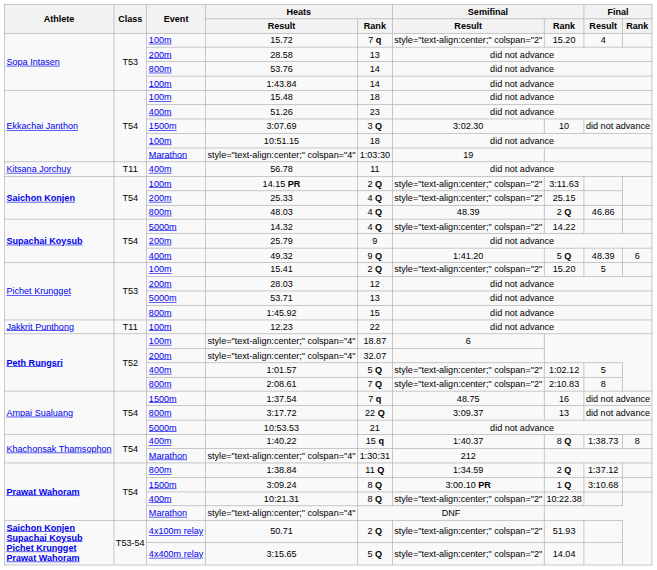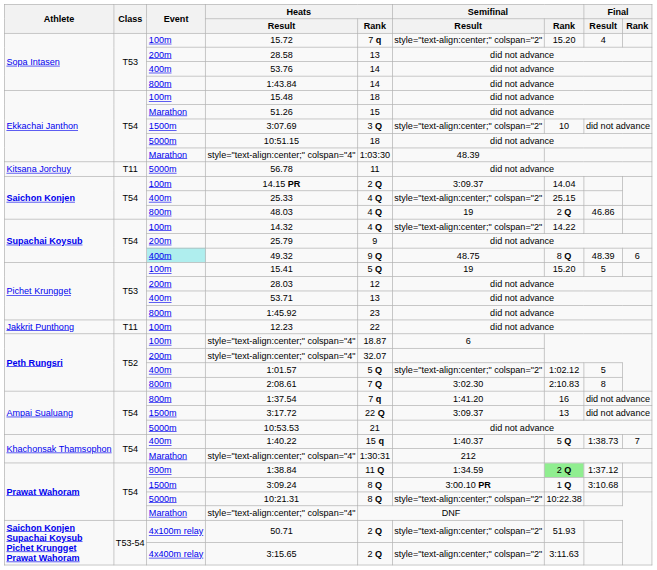 <table class=wikitable style="font-size:90%">
 <tr>
 <th rowspan="2">Athlete</th>
 <th rowspan="2">Class</th>
 <th rowspan="2">Event</th>
 <th colspan="2">Heats</th>
 <th colspan="2">Semifinal</th>
 <th colspan="3">Final</th>
 </tr>
 <tr>
 <th>Result</th>
 <th>Rank</th>
 <th>Result</th>
 <th>Rank</th>
 <th>Result</th>
 <th>Rank</th>
 </tr>
 <tr>
 <td rowspan="4"><a href='#'>Sopa Intasen</a></td>
 <td rowspan="4" style="text-align:center;">T53</td>
 <td><a href='#'>100m</a></td>
 <td style="text-align:center;">15.72</td>
 <td style="text-align:center;">7 <strong>q</strong></td>
 <td>style="text-align:center;" colspan="2" </td>
 <td style="text-align:center;">15.20</td>
 <td style="text-align:center;">4</td>
 </tr>
 <tr>
 <td><a href='#'>200m</a></td>
 <td style="text-align:center;">28.58</td>
 <td style="text-align:center;">13</td>
 <td style="text-align:center;" colspan="4">did not advance</td>
 </tr>
 <tr>
-<td><a href='#'>800m</a></td>
+<td><a href='#'>400m</a></td>
 <td style="text-align:center;">53.76</td>
 <td style="text-align:center;">14</td>
 <td style="text-align:center;" colspan="4">did not advance</td>
 </tr>
 <tr>
-<td><a href='#'>100m</a></td>
+<td><a href='#'>800m</a></td>
 <td style="text-align:center;">1:43.84</td>
 <td style="text-align:center;">14</td>
 <td style="text-align:center;" colspan="4">did not advance</td>
 </tr>
 <tr>
 <td rowspan="5"><a href='#'>Ekkachai Janthon</a></td>
 <td rowspan="5" style="text-align:center;">T54</td>
 <td><a href='#'>100m</a></td>
 <td style="text-align:center;">15.48</td>
 <td style="text-align:center;">18</td>
 <td style="text-align:center;" colspan="4">did not advance</td>
 </tr>
 <tr>
-<td><a href='#'>400m</a></td>
+<td><a href='#'>Marathon</a></td>
 <td style="text-align:center;">51.26</td>
-<td style="text-align:center;">23</td>
+<td style="text-align:center;">15</td>
 <td style="text-align:center;" colspan="4">did not advance</td>
 </tr>
 <tr>
 <td><a href='#'>1500m</a></td>
 <td style="text-align:center;">3:07.69</td>
 <td style="text-align:center;">3 <strong>Q</strong></td>
-<td style="text-align:center;">3:02.30</td>
+<td>style="text-align:center;" colspan="2" </td>
 <td style="text-align:center;">10</td>
 <td style="text-align:center;" colspan="2">did not advance</td>
 </tr>
 <tr>
-<td><a href='#'>100m</a></td>
+<td><a href='#'>5000m</a></td>
 <td style="text-align:center;">10:51.15</td>
 <td style="text-align:center;">18</td>
 <td style="text-align:center;" colspan="4">did not advance</td>
 </tr>
 <tr>
 <td><a href='#'>Marathon</a></td>
 <td>style="text-align:center;" colspan="4" </td>
 <td style="text-align:center;">1:03:30</td>
-<td style="text-align:center;">19</td>
+<td style="text-align:center;">48.39</td>
 </tr>
 <tr>
 <td><a href='#'>Kitsana Jorchuy</a></td>
 <td style="text-align:center;">T11</td>
-<td><a href='#'>400m</a></td>
+<td><a href='#'>5000m</a></td>
 <td style="text-align:center;">56.78</td>
 <td style="text-align:center;">11</td>
 <td style="text-align:center;" colspan="4">did not advance</td>
 </tr>
 <tr>
 <td rowspan="3"><strong><a href='#'>Saichon Konjen</a></strong></td>
 <td rowspan="3" style="text-align:center;">T54</td>
 <td><a href='#'>100m</a></td>
 <td style="text-align:center;">14.15 <strong>PR</strong></td>
 <td style="text-align:center;">2 <strong>Q</strong></td>
-<td>style="text-align:center;" colspan="2" </td>
-<td style="text-align:center;">3:11.63</td>
+<td style="text-align:center;">3:09.37</td>
+<td style="text-align:center;">14.04</td>
 <td style="text-align:center;"></td>
 </tr>
 <tr>
-<td><a href='#'>200m</a></td>
+<td><a href='#'>400m</a></td>
 <td style="text-align:center;">25.33</td>
 <td style="text-align:center;">4 <strong>Q</strong></td>
 <td>style="text-align:center;" colspan="2" </td>
 <td style="text-align:center;">25.15</td>
 <td style="text-align:center;"></td>
 </tr>
 <tr>
 <td><a href='#'>800m</a></td>
 <td style="text-align:center;">48.03</td>
 <td style="text-align:center;">4 <strong>Q</strong></td>
-<td style="text-align:center;">48.39</td>
+<td style="text-align:center;">19</td>
 <td style="text-align:center;">2 <strong>Q</strong></td>
 <td style="text-align:center;">46.86</td>
 <td style="text-align:center;"></td>
 </tr>
 <tr>
 <td rowspan="3"><strong><a href='#'>Supachai Koysub</a></strong></td>
 <td rowspan="3" style="text-align:center;">T54</td>
-<td><a href='#'>5000m</a></td>
+<td><a href='#'>100m</a></td>
 <td style="text-align:center;">14.32</td>
 <td style="text-align:center;">4 <strong>Q</strong></td>
 <td>style="text-align:center;" colspan="2" </td>
 <td style="text-align:center;">14.22</td>
 <td style="text-align:center;"></td>
 </tr>
 <tr>
 <td><a href='#'>200m</a></td>
 <td style="text-align:center;">25.79</td>
 <td style="text-align:center;">9</td>
 <td style="text-align:center;" colspan="4">did not advance</td>
 </tr>
 <tr>
-<td><a href='#'>400m</a></td>
+<td style="background: paleturquoise;"><a href='#'>400m</a></td>
 <td style="text-align:center;">49.32</td>
 <td style="text-align:center;">9 <strong>Q</strong></td>
-<td style="text-align:center;">1:41.20</td>
-<td style="text-align:center;">5 <strong>Q</strong></td>
+<td style="text-align:center;">48.75</td>
+<td style="text-align:center;">8 <strong>Q</strong></td>
 <td style="text-align:center;">48.39</td>
 <td style="text-align:center;">6</td>
 </tr>
 <tr>
 <td rowspan="4"><a href='#'>Pichet Krungget</a></td>
 <td rowspan="4" style="text-align:center;">T53</td>
 <td><a href='#'>100m</a></td>
 <td style="text-align:center;">15.41</td>
-<td style="text-align:center;">2 <strong>Q</strong></td>
-<td>style="text-align:center;" colspan="2" </td>
+<td style="text-align:center;">5 <strong>Q</strong></td>
+<td style="text-align:center;">19</td>
 <td style="text-align:center;">15.20</td>
 <td style="text-align:center;">5</td>
 </tr>
 <tr>
 <td><a href='#'>200m</a></td>
 <td style="text-align:center;">28.03</td>
 <td style="text-align:center;">12</td>
 <td style="text-align:center;" colspan="4">did not advance</td>
 </tr>
 <tr>
-<td><a href='#'>5000m</a></td>
+<td><a href='#'>400m</a></td>
 <td style="text-align:center;">53.71</td>
 <td style="text-align:center;">13</td>
 <td style="text-align:center;" colspan="4">did not advance</td>
 </tr>
 <tr>
 <td><a href='#'>800m</a></td>
 <td style="text-align:center;">1:45.92</td>
-<td style="text-align:center;">15</td>
+<td style="text-align:center;">23</td>
 <td style="text-align:center;" colspan="4">did not advance</td>
 </tr>
 <tr>
 <td><a href='#'>Jakkrit Punthong</a></td>
 <td style="text-align:center;">T11</td>
 <td><a href='#'>100m</a></td>
 <td style="text-align:center;">12.23</td>
 <td style="text-align:center;">22</td>
 <td style="text-align:center;" colspan="4">did not advance</td>
 </tr>
 <tr>
 <td rowspan="4"><strong><a href='#'>Peth Rungsri</a></strong></td>
 <td rowspan="4" style="text-align:center;">T52</td>
 <td><a href='#'>100m</a></td>
 <td>style="text-align:center;" colspan="4" </td>
 <td style="text-align:center;">18.87</td>
 <td style="text-align:center;">6</td>
 </tr>
 <tr>
 <td><a href='#'>200m</a></td>
 <td>style="text-align:center;" colspan="4" </td>
 <td style="text-align:center;">32.07</td>
 <td style="text-align:center;"></td>
 </tr>
 <tr>
 <td><a href='#'>400m</a></td>
 <td style="text-align:center;">1:01.57</td>
 <td style="text-align:center;">5 <strong>Q</strong></td>
 <td>style="text-align:center;" colspan="2" </td>
 <td style="text-align:center;">1:02.12</td>
 <td style="text-align:center;">5</td>
 </tr>
 <tr>
 <td><a href='#'>800m</a></td>
 <td style="text-align:center;">2:08.61</td>
 <td style="text-align:center;">7 <strong>Q</strong></td>
-<td>style="text-align:center;" colspan="2" </td>
+<td style="text-align:center;">3:02.30</td>
 <td style="text-align:center;">2:10.83</td>
 <td style="text-align:center;">8</td>
 </tr>
 <tr>
 <td rowspan="3"><a href='#'>Ampai Sualuang</a></td>
 <td rowspan="3" style="text-align:center;">T54</td>
-<td><a href='#'>1500m</a></td>
+<td><a href='#'>800m</a></td>
 <td style="text-align:center;">1:37.54</td>
 <td style="text-align:center;">7 <strong>q</strong></td>
-<td style="text-align:center;">48.75</td>
+<td style="text-align:center;">1:41.20</td>
 <td style="text-align:center;">16</td>
 <td style="text-align:center;" colspan="2">did not advance</td>
 </tr>
 <tr>
-<td><a href='#'>800m</a></td>
+<td><a href='#'>1500m</a></td>
 <td style="text-align:center;">3:17.72</td>
 <td style="text-align:center;">22 <strong>Q</strong></td>
 <td style="text-align:center;">3:09.37</td>
 <td style="text-align:center;">13</td>
 <td style="text-align:center;" colspan="2">did not advance</td>
 </tr>
 <tr>
 <td><a href='#'>5000m</a></td>
 <td style="text-align:center;">10:53.53</td>
 <td style="text-align:center;">21</td>
 <td style="text-align:center;" colspan="4">did not advance</td>
 </tr>
 <tr>
 <td rowspan="2"><a href='#'>Khachonsak Thamsophon</a></td>
 <td rowspan="2" style="text-align:center;">T54</td>
 <td><a href='#'>400m</a></td>
 <td style="text-align:center;">1:40.22</td>
 <td style="text-align:center;">15 <strong>q</strong></td>
 <td style="text-align:center;">1:40.37</td>
-<td style="text-align:center;">8 <strong>Q</strong></td>
+<td style="text-align:center;">5 <strong>Q</strong></td>
 <td style="text-align:center;">1:38.73</td>
-<td style="text-align:center;">8</td>
+<td style="text-align:center;">7</td>
 </tr>
 <tr>
 <td><a href='#'>Marathon</a></td>
 <td>style="text-align:center;" colspan="4" </td>
 <td style="text-align:center;">1:30:31</td>
 <td style="text-align:center;">212</td>
 </tr>
 <tr>
 <td rowspan="4"><strong><a href='#'>Prawat Wahoram</a></strong></td>
 <td rowspan="4" style="text-align:center;">T54</td>
 <td><a href='#'>800m</a></td>
 <td style="text-align:center;">1:38.84</td>
 <td style="text-align:center;">11 <strong>Q</strong></td>
 <td style="text-align:center;">1:34.59</td>
-<td style="text-align:center;">2 <strong>Q</strong></td>
+<td style="background: lightgreen; text-align:center;">2 <strong>Q</strong></td>
 <td style="text-align:center;">1:37.12</td>
 <td style="text-align:center;"></td>
 </tr>
 <tr>
 <td><a href='#'>1500m</a></td>
 <td style="text-align:center;">3:09.24</td>
 <td style="text-align:center;">8 <strong>Q</strong></td>
 <td style="text-align:center;">3:00.10 <strong>PR</strong></td>
 <td style="text-align:center;">1 <strong>Q</strong></td>
 <td style="text-align:center;">3:10.68</td>
 <td style="text-align:center;"></td>
 </tr>
 <tr>
-<td><a href='#'>400m</a></td>
+<td><a href='#'>5000m</a></td>
 <td style="text-align:center;">10:21.31</td>
 <td style="text-align:center;">8 <strong>Q</strong></td>
 <td>style="text-align:center;" colspan="2" </td>
 <td style="text-align:center;">10:22.38</td>
 <td style="text-align:center;"></td>
 </tr>
 <tr>
 <td><a href='#'>Marathon</a></td>
 <td>style="text-align:center;" colspan="4" </td>
 <td style="text-align:center;" colspan="2">DNF</td>
 </tr>
 <tr>
 <td rowspan="2"><strong><a href='#'>Saichon Konjen</a></strong><br> <strong><a href='#'>Supachai Koysub</a></strong><br> <strong><a href='#'>Pichet Krungget</a></strong><br> <strong><a href='#'>Prawat Wahoram</a></strong></td>
 <td rowspan="2" style="text-align:center;">T53-54</td>
 <td><a href='#'>4x100m relay</a></td>
 <td style="text-align:center;">50.71</td>
 <td style="text-align:center;">2 <strong>Q</strong></td>
 <td>style="text-align:center;" colspan="2" </td>
 <td style="text-align:center;">51.93</td>
 <td style="text-align:center;"></td>
 </tr>
 <tr>
 <td><a href='#'>4x400m relay</a></td>
 <td style="text-align:center;">3:15.65</td>
-<td style="text-align:center;">5 <strong>Q</strong></td>
+<td style="text-align:center;">2 <strong>Q</strong></td>
 <td>style="text-align:center;" colspan="2" </td>
-<td style="text-align:center;">14.04</td>
+<td style="text-align:center;">3:11.63</td>
 <td style="text-align:center;"></td>
 </tr>
 </table>
